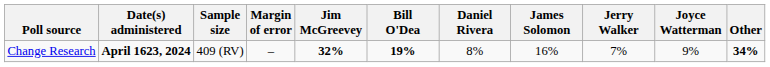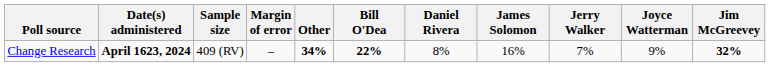 <table class="wikitable" style="font-size:90%;text-align:center;">
 <tr valign=bottom>
 <th>Poll source</th>
 <th>Date(s)<br>administered</th>
 <th>Sample<br>size</th>
 <th>Margin<br>of error</th>
-<th style="width:75px;">Jim<br>McGreevey</th>
+<th>Other</th>
 <th style="width:75px;">Bill<br>O'Dea</th>
 <th style="width:75px;">Daniel<br>Rivera</th>
 <th style="width:75px;">James<br>Solomon</th>
 <th style="width:75px;">Jerry<br>Walker</th>
 <th style="width:75px;">Joyce<br>Watterman</th>
-<th>Other</th>
+<th style="width:75px;">Jim<br>McGreevey</th>
 </tr>
 <tr>
 <td style="text-align:left"><a href='#'>Change Research</a></td>
 <td><strong>April 1623, 2024</strong></td>
 <td>409 (RV)</td>
 <td>–</td>
-<td><strong>32%</strong></td>
-<td><strong>19%</strong></td>
+<td><strong>34%</strong></td>
+<td><strong>22%</strong></td>
 <td>8%</td>
 <td>16%</td>
 <td>7%</td>
 <td>9%</td>
-<td><strong>34%</strong></td>
+<td><strong>32%</strong></td>
 </tr>
 </table>
